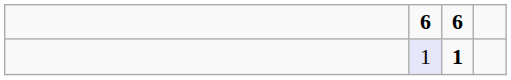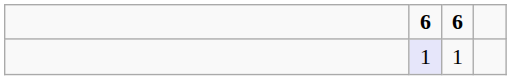 <table class="wikitable">
 <tr>
 <td style="width:18em"><strong></strong></td>
 <td align=center style="width:1em"><strong>6</strong></td>
 <td align=center style="width:1em"><strong>6</strong></td>
 <td align=center style="width:1em"></td>
 </tr>
 <tr>
 <td style="width:18em"></td>
 <td align=center style="background: lavender; width:1em">1</td>
-<td align=center style="width:1em"><strong>1</strong></td>
+<td align=center style="width:1em">1</td>
 <td align=center style="width:1em"></td>
 </tr>
 </table>
